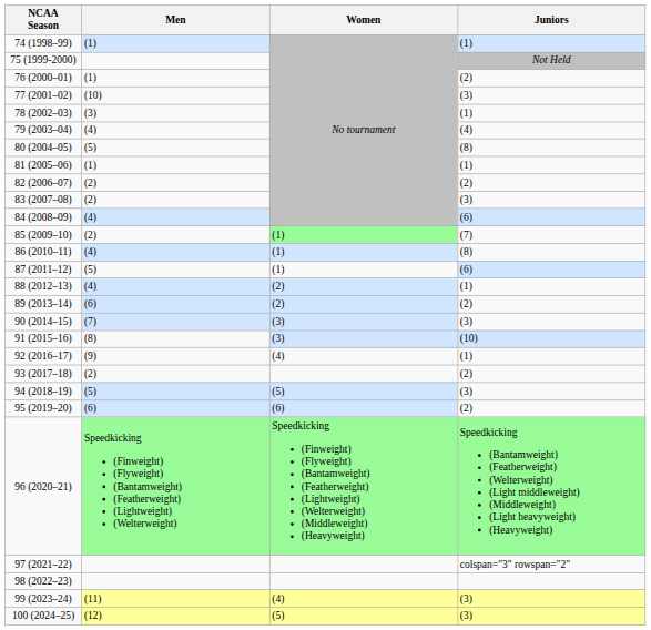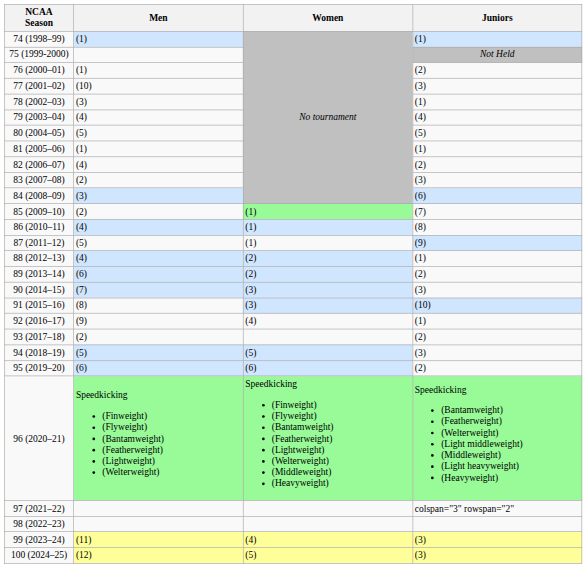 <table class="wikitable" style="font-size:90%;">
 <tr>
 <th width=12%><strong>NCAA<br>Season</strong></th>
 <th width="250px"><strong>Men</strong></th>
 <th width="250px"><strong>Women</strong></th>
 <th width="250px"><strong>Juniors</strong></th>
 </tr>
 <tr>
 <td align=center>74 (1998–99)</td>
 <td bgcolor="#D0E6FF"> (1)</td>
 <td rowspan="11" bgcolor="silver" align="center"><em>No tournament</em></td>
 <td bgcolor="#D0E6FF"> (1)</td>
 </tr>
 <tr>
 <td align=center>75 (1999-2000)</td>
 <td></td>
 <td bgcolor="silver" align="center"><em>Not Held</em></td>
 </tr>
 <tr>
 <td align=center>76 (2000–01)</td>
 <td> (1)</td>
 <td> (2)</td>
 </tr>
 <tr>
 <td align=center>77 (2001–02)</td>
 <td> (10)</td>
 <td> (3)</td>
 </tr>
 <tr>
 <td align=center>78 (2002–03)</td>
 <td> (3)</td>
 <td> (1)</td>
 </tr>
 <tr>
 <td align=center>79 (2003–04)</td>
 <td> (4)</td>
 <td> (4)</td>
 </tr>
 <tr>
 <td align=center>80 (2004–05)</td>
 <td> (5)</td>
-<td> (8)</td>
+<td> (5)</td>
 </tr>
 <tr>
 <td align=center>81 (2005–06)</td>
 <td> (1)</td>
 <td> (1)</td>
 </tr>
 <tr>
 <td align=center>82 (2006–07)</td>
-<td> (2)</td>
+<td> (4)</td>
 <td> (2)</td>
 </tr>
 <tr>
 <td align=center>83 (2007–08)</td>
 <td> (2)</td>
 <td> (3)</td>
 </tr>
 <tr>
 <td align=center>84 (2008–09)</td>
-<td bgcolor="#D0E6FF"> (4)</td>
+<td bgcolor="#D0E6FF"> (3)</td>
 <td bgcolor="#D0E6FF"> (6)</td>
 </tr>
 <tr>
 <td align=center>85 (2009–10)</td>
 <td> (2)</td>
 <td bgcolor="#98fb98"> (1)</td>
 <td> (7)</td>
 </tr>
 <tr>
 <td align=center>86 (2010–11)</td>
 <td bgcolor="#D0E6FF"> (4)</td>
 <td bgcolor="#D0E6FF"> (1)</td>
 <td> (8)</td>
 </tr>
 <tr>
 <td align=center>87 (2011–12)</td>
 <td> (5)</td>
 <td> (1)</td>
-<td bgcolor="#D0E6FF"> (6)</td>
+<td bgcolor="#D0E6FF"> (9)</td>
 </tr>
 <tr>
 <td align=center>88 (2012–13)</td>
 <td bgcolor="#D0E6FF"> (4)</td>
 <td bgcolor="#D0E6FF"> (2)</td>
 <td> (1)</td>
 </tr>
 <tr>
 <td align=center>89 (2013–14)</td>
 <td bgcolor="#D0E6FF"> (6)</td>
 <td bgcolor="#D0E6FF"> (2)</td>
 <td> (2)</td>
 </tr>
 <tr>
 <td align=center>90 (2014–15)</td>
 <td bgcolor="#D0E6FF"> (7)</td>
 <td bgcolor="#D0E6FF"> (3)</td>
 <td> (3)</td>
 </tr>
 <tr>
 <td align=center>91 (2015–16)</td>
 <td> (8)</td>
 <td bgcolor="#D0E6FF"> (3)</td>
 <td bgcolor="#D0E6FF"> (10)</td>
 </tr>
 <tr>
 <td align=center>92 (2016–17)</td>
 <td> (9)</td>
 <td> (4)</td>
 <td> (1)</td>
 </tr>
 <tr>
 <td align=center>93 (2017–18)</td>
 <td> (2)</td>
 <td></td>
 <td> (2)</td>
 </tr>
 <tr>
 <td align=center>94 (2018–19)</td>
 <td bgcolor="#D0E6FF"> (5)</td>
 <td bgcolor="#D0E6FF"> (5)</td>
 <td> (3)</td>
 </tr>
 <tr>
 <td align=center>95 (2019–20)</td>
 <td bgcolor="#D0E6FF"> (6)</td>
 <td bgcolor="#D0E6FF"> (6)</td>
 <td> (2)</td>
 </tr>
 <tr>
 <td align=center>96 (2020–21)</td>
 <td bgcolor="#98fb98">Speedkicking<ul><li>(Finweight) </li><li>(Flyweight) </li><li>(Bantamweight) </li><li>(Featherweight) </li><li>(Lightweight) </li><li>(Welterweight) </li></ul></td>
 <td bgcolor="#98fb98">Speedkicking<ul><li>(Finweight) </li><li>(Flyweight) </li><li>(Bantamweight) </li><li>(Featherweight) </li><li>(Lightweight) </li><li>(Welterweight) </li><li>(Middleweight) </li><li>(Heavyweight) </li></ul></td>
 <td bgcolor="#98fb98">Speedkicking <ul><li>(Bantamweight) </li><li>(Featherweight) </li><li>(Welterweight) </li><li>(Light middleweight) </li><li>(Middleweight) </li><li>(Light heavyweight) </li><li>(Heavyweight) </li></ul></td>
 </tr>
 <tr>
 <td align=center>97 (2021–22)</td>
 <td></td>
 <td></td>
 <td>colspan="3" rowspan="2" </td>
 </tr>
 <tr>
 <td align=center>98 (2022–23)</td>
 <td></td>
 <td></td>
 </tr>
 <tr>
 <td align=center>99 (2023–24)</td>
 <td bgcolor="#FFFF99"> (11)</td>
 <td bgcolor="#FFFF99"> (4)</td>
 <td bgcolor="#FFFF99"> (3)</td>
 </tr>
 <tr>
 <td align=center>100 (2024–25)</td>
 <td bgcolor="#FFFF99"> (12)</td>
 <td bgcolor="#FFFF99"> (5)</td>
 <td bgcolor="#FFFF99"> (3)</td>
 </tr>
 </table>
